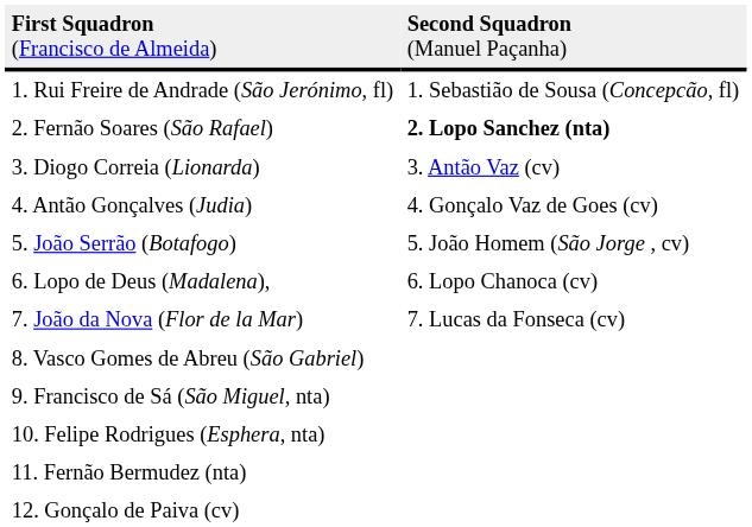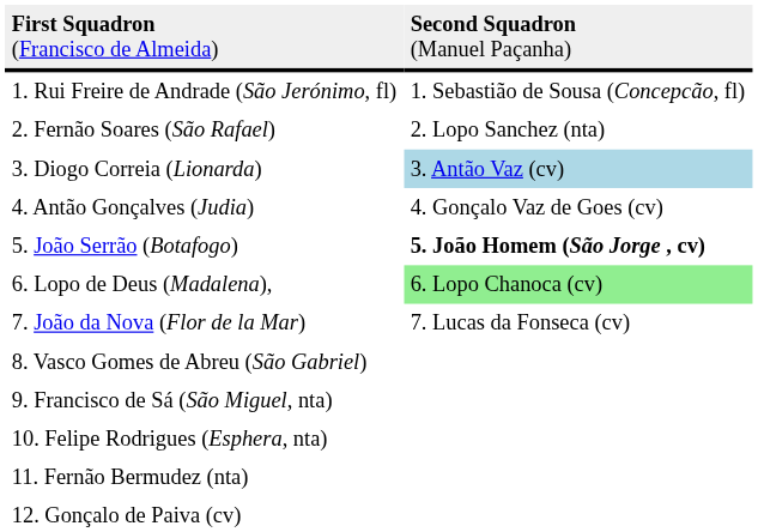 <table class="toccolours" style="border-collapse:collapse" cellpadding=5>
 <tr>
 <td style="border-bottom:3px solid; background:#efefef;"><strong>First Squadron</strong> <br>(<a href='#'>Francisco de Almeida</a>)</td>
 <td style="border-bottom:3px solid; background:#efefef;"><strong>Second Squadron</strong> <br> (Manuel Paçanha)</td>
 </tr>
 <tr>
 <td>1. Rui Freire de Andrade (<em>São Jerónimo</em>, fl)</td>
 <td>1. Sebastião de Sousa (<em>Concepcão</em>, fl)</td>
 </tr>
 <tr>
 <td>2. Fernão Soares (<em>São Rafael</em>)</td>
-<td><strong>2. Lopo Sanchez (nta)</strong></td>
+<td>2. Lopo Sanchez (nta)</td>
 </tr>
 <tr>
 <td>3. Diogo Correia (<em>Lionarda</em>)</td>
-<td>3. <a href='#'>Antão Vaz</a> (cv)</td>
+<td style="background: lightblue;">3. <a href='#'>Antão Vaz</a> (cv)</td>
 </tr>
 <tr>
 <td>4. Antão Gonçalves  (<em>Judia</em>)</td>
 <td>4.  Gonçalo Vaz de Goes (cv)</td>
 </tr>
 <tr>
 <td>5.  <a href='#'>João Serrão</a> (<em>Botafogo</em>)</td>
-<td>5. João Homem (<em>São Jorge </em>, cv)</td>
+<td><strong>5. João Homem (<em>São Jorge </em>, cv)</strong></td>
 </tr>
 <tr>
 <td>6. Lopo de Deus (<em>Madalena</em>),</td>
-<td>6. Lopo Chanoca (cv)</td>
+<td style="background: lightgreen;">6. Lopo Chanoca (cv)</td>
 </tr>
 <tr>
 <td>7.  <a href='#'>João da Nova</a> (<em>Flor de la Mar</em>)</td>
 <td>7. Lucas da Fonseca (cv)</td>
 </tr>
 <tr>
 <td>8. Vasco Gomes de Abreu (<em>São Gabriel</em>)</td>
 </tr>
 <tr>
 <td>9. Francisco de Sá (<em>São Miguel</em>, nta)</td>
 </tr>
 <tr>
 <td>10. Felipe Rodrigues (<em>Esphera</em>, nta)</td>
 </tr>
 <tr>
 <td>11. Fernão Bermudez (nta)</td>
 </tr>
 <tr>
 <td>12. Gonçalo de Paiva (cv)</td>
 </tr>
 <tr>
 <td></td>
 </tr>
 </table>
